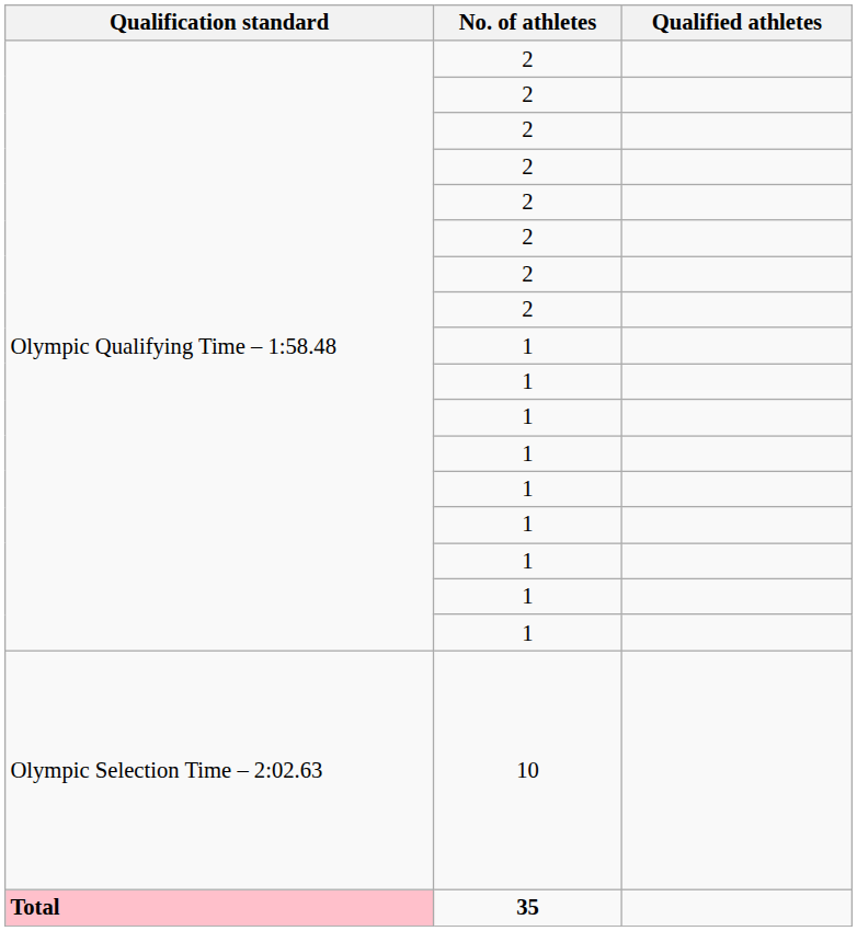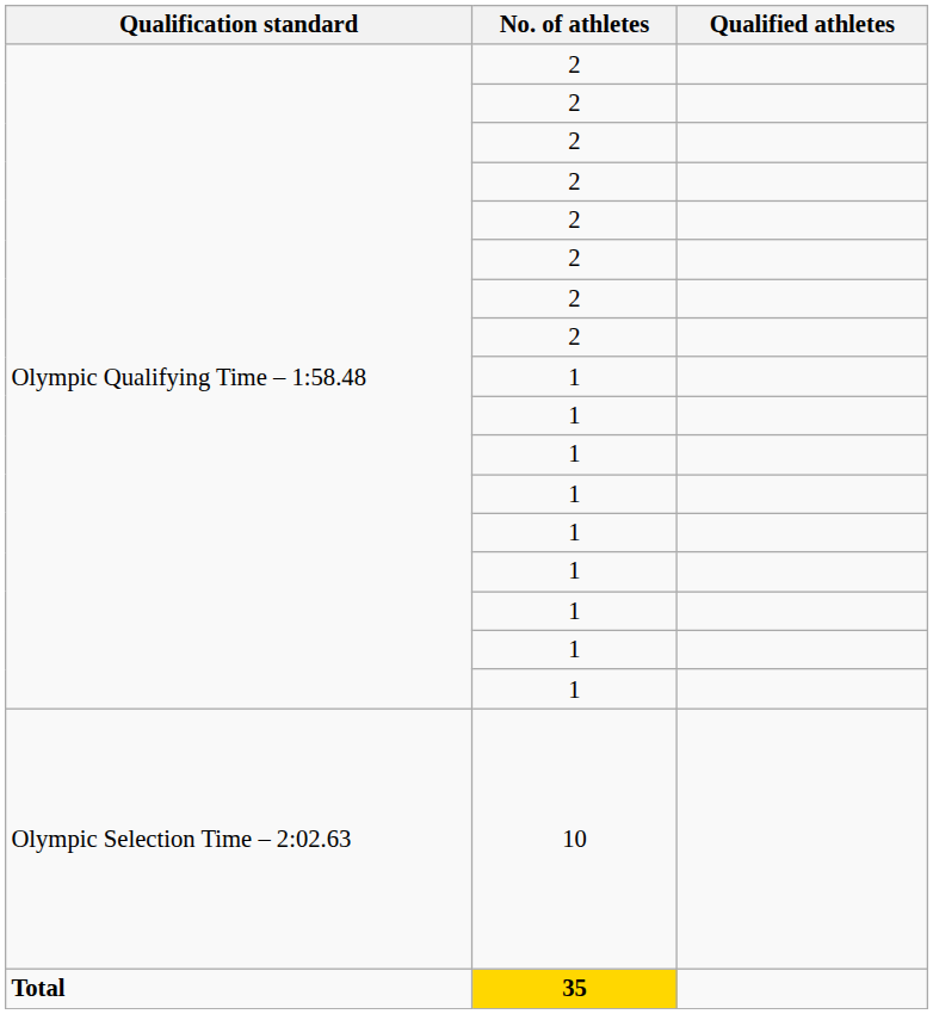 <table class=wikitable style="text-align:left" width=600>
 <tr>
 <th>Qualification standard</th>
 <th>No. of athletes</th>
 <th>Qualified athletes</th>
 </tr>
 <tr>
 <td rowspan="17">Olympic Qualifying Time – 1:58.48</td>
 <td align=center>2</td>
 <td><br></td>
 </tr>
 <tr>
 <td align=center>2</td>
 <td><br></td>
 </tr>
 <tr>
 <td align=center>2</td>
 <td><br></td>
 </tr>
 <tr>
 <td align=center>2</td>
 <td><br></td>
 </tr>
 <tr>
 <td align=center>2</td>
 <td> <br></td>
 </tr>
 <tr>
 <td align=center>2</td>
 <td><br></td>
 </tr>
 <tr>
 <td align=center>2</td>
 <td><br></td>
 </tr>
 <tr>
 <td align=center>2</td>
 <td><br></td>
 </tr>
 <tr>
 <td align=center>1</td>
 <td></td>
 </tr>
 <tr>
 <td align=center>1</td>
 <td></td>
 </tr>
 <tr>
 <td align=center>1</td>
 <td></td>
 </tr>
 <tr>
 <td align=center>1</td>
 <td></td>
 </tr>
 <tr>
 <td align=center>1</td>
 <td></td>
 </tr>
 <tr>
 <td align=center>1</td>
 <td></td>
 </tr>
 <tr>
 <td align=center>1</td>
 <td></td>
 </tr>
 <tr>
 <td align=center>1</td>
 <td></td>
 </tr>
 <tr>
 <td align=center>1</td>
 <td></td>
 </tr>
 <tr>
 <td rowspan="1">Olympic Selection Time – 2:02.63</td>
 <td align=center>10</td>
 <td> <br> <br>  <br>  <br> <br> <br>  <br>  <br> <br> </td>
 </tr>
 <tr>
-<td style="background: pink;"><strong>Total</strong></td>
-<td align=center><strong>35</strong></td>
+<td><strong>Total</strong></td>
+<td align=center style="background: gold;"><strong>35</strong></td>
 <td></td>
 </tr>
 </table>
